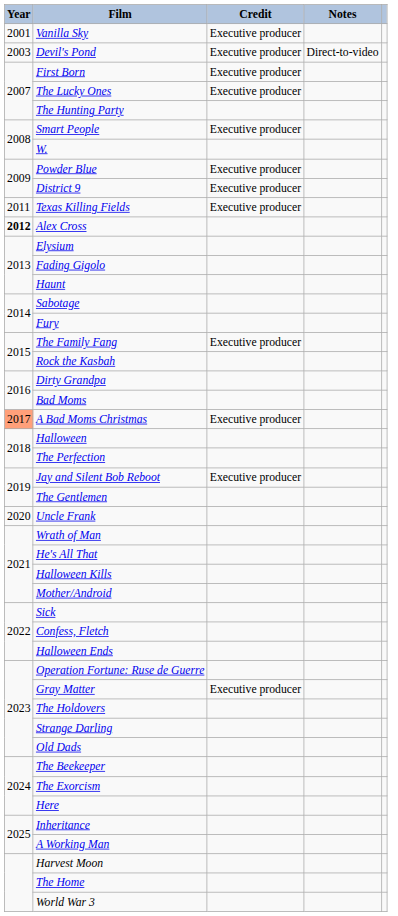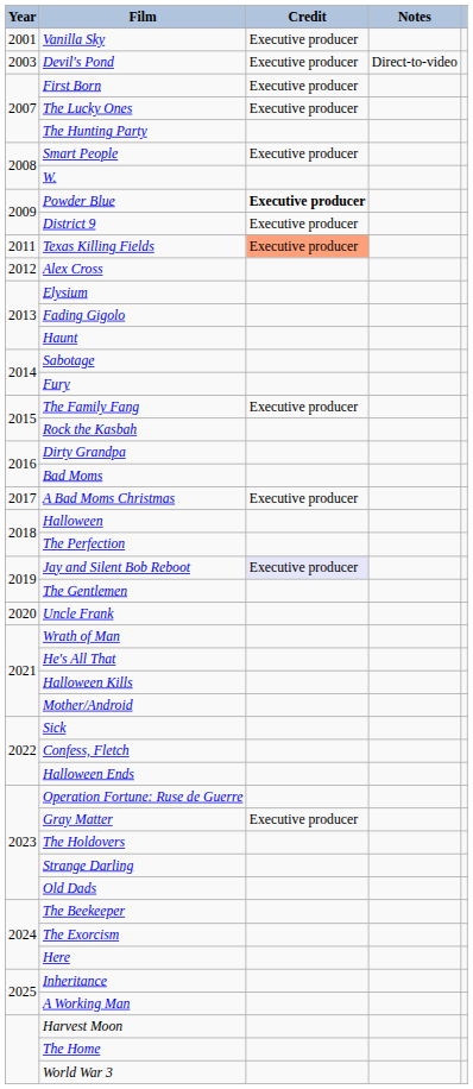 <table class="wikitable" style="font-size:95%;">
 <tr>
 <th style="background:#B0C4DE;">Year</th>
 <th style="background:#B0C4DE;">Film</th>
 <th style="background:#B0C4DE;">Credit</th>
 <th style="background:#B0C4DE;">Notes</th>
 <th style="background:#B0C4DE;"></th>
 </tr>
 <tr>
 <td>2001</td>
 <td><em><a href='#'>Vanilla Sky</a></em></td>
 <td>Executive producer</td>
 <td></td>
 <td></td>
 </tr>
 <tr>
 <td>2003</td>
 <td><em><a href='#'>Devil's Pond</a></em></td>
 <td>Executive producer</td>
 <td>Direct-to-video</td>
 <td></td>
 </tr>
 <tr>
 <td rowspan=3>2007</td>
 <td><em><a href='#'>First Born</a></em></td>
 <td>Executive producer</td>
 <td></td>
 <td></td>
 </tr>
 <tr>
 <td><em><a href='#'>The Lucky Ones</a></em></td>
 <td>Executive producer</td>
 <td></td>
 <td></td>
 </tr>
 <tr>
 <td><em><a href='#'>The Hunting Party</a></em></td>
 <td></td>
 <td></td>
 <td></td>
 </tr>
 <tr>
 <td rowspan=2>2008</td>
 <td><em><a href='#'>Smart People</a></em></td>
 <td>Executive producer</td>
 <td></td>
 <td></td>
 </tr>
 <tr>
 <td><em><a href='#'>W.</a></em></td>
 <td></td>
 <td></td>
 <td></td>
 </tr>
 <tr>
 <td rowspan=2>2009</td>
 <td><em><a href='#'>Powder Blue</a></em></td>
-<td>Executive producer</td>
+<td><strong>Executive producer</strong></td>
 <td></td>
 <td></td>
 </tr>
 <tr>
 <td><em><a href='#'>District 9</a></em></td>
 <td>Executive producer</td>
 <td></td>
 <td></td>
 </tr>
 <tr>
 <td>2011</td>
 <td><em><a href='#'>Texas Killing Fields</a></em></td>
-<td>Executive producer</td>
+<td style="background: lightsalmon;">Executive producer</td>
 <td></td>
 <td></td>
 </tr>
 <tr>
-<td><strong>2012</strong></td>
+<td>2012</td>
 <td><em><a href='#'>Alex Cross</a></em></td>
 <td></td>
 <td></td>
 <td></td>
 </tr>
 <tr>
 <td rowspan=3>2013</td>
 <td><em><a href='#'>Elysium</a></em></td>
 <td></td>
 <td></td>
 <td></td>
 </tr>
 <tr>
 <td><em><a href='#'>Fading Gigolo</a></em></td>
 <td></td>
 <td></td>
 <td></td>
 </tr>
 <tr>
 <td><em><a href='#'>Haunt</a></em></td>
 <td></td>
 <td></td>
 <td></td>
 </tr>
 <tr>
 <td rowspan=2>2014</td>
 <td><em><a href='#'>Sabotage</a></em></td>
 <td></td>
 <td></td>
 <td></td>
 </tr>
 <tr>
 <td><em><a href='#'>Fury</a></em></td>
 <td></td>
 <td></td>
 <td></td>
 </tr>
 <tr>
 <td rowspan=2>2015</td>
 <td><em><a href='#'>The Family Fang</a></em></td>
 <td>Executive producer</td>
 <td></td>
 <td></td>
 </tr>
 <tr>
 <td><em><a href='#'>Rock the Kasbah</a></em></td>
 <td></td>
 <td></td>
 <td></td>
 </tr>
 <tr>
 <td rowspan=2>2016</td>
 <td><em><a href='#'>Dirty Grandpa</a></em></td>
 <td></td>
 <td></td>
 <td></td>
 </tr>
 <tr>
 <td><em><a href='#'>Bad Moms</a></em></td>
 <td></td>
 <td></td>
 <td></td>
 </tr>
 <tr>
-<td style="background: lightsalmon;">2017</td>
+<td>2017</td>
 <td><em><a href='#'>A Bad Moms Christmas</a></em></td>
 <td>Executive producer</td>
 <td></td>
 <td></td>
 </tr>
 <tr>
 <td rowspan=2>2018</td>
 <td><em><a href='#'>Halloween</a></em></td>
 <td></td>
 <td></td>
 <td></td>
 </tr>
 <tr>
 <td><em><a href='#'>The Perfection</a></em></td>
 <td></td>
 <td></td>
 <td></td>
 </tr>
 <tr>
 <td rowspan=2>2019</td>
 <td><em><a href='#'>Jay and Silent Bob Reboot</a></em></td>
-<td>Executive producer</td>
+<td style="background: lavender;">Executive producer</td>
 <td></td>
 <td></td>
 </tr>
 <tr>
 <td><em><a href='#'>The Gentlemen</a></em></td>
 <td></td>
 <td></td>
 <td></td>
 </tr>
 <tr>
 <td>2020</td>
 <td><em><a href='#'>Uncle Frank</a></em></td>
 <td></td>
 <td></td>
 <td></td>
 </tr>
 <tr>
 <td rowspan=4>2021</td>
 <td><em><a href='#'>Wrath of Man</a></em></td>
 <td></td>
 <td></td>
 <td></td>
 </tr>
 <tr>
 <td><em><a href='#'>He's All That</a></em></td>
 <td></td>
 <td></td>
 <td></td>
 </tr>
 <tr>
 <td><em><a href='#'>Halloween Kills</a></em></td>
 <td></td>
 <td></td>
 <td></td>
 </tr>
 <tr>
 <td><em><a href='#'>Mother/Android</a></em></td>
 <td></td>
 <td></td>
 <td></td>
 </tr>
 <tr>
 <td rowspan=3>2022</td>
 <td><em><a href='#'>Sick</a></em></td>
 <td></td>
 <td></td>
 <td></td>
 </tr>
 <tr>
 <td><em><a href='#'>Confess, Fletch</a></em></td>
 <td></td>
 <td></td>
 <td></td>
 </tr>
 <tr>
 <td><em><a href='#'>Halloween Ends</a></em></td>
 <td></td>
 <td></td>
 <td></td>
 </tr>
 <tr>
 <td rowspan=5>2023</td>
 <td><em><a href='#'>Operation Fortune: Ruse de Guerre</a></em></td>
 <td></td>
 <td></td>
 <td></td>
 </tr>
 <tr>
 <td><em><a href='#'>Gray Matter</a></em></td>
 <td>Executive producer</td>
 <td></td>
 <td></td>
 </tr>
 <tr>
 <td><em><a href='#'>The Holdovers</a></em></td>
 <td></td>
 <td></td>
 <td></td>
 </tr>
 <tr>
 <td><em><a href='#'>Strange Darling</a></em></td>
 <td></td>
 <td></td>
 <td></td>
 </tr>
 <tr>
 <td><em><a href='#'>Old Dads</a></em></td>
 <td></td>
 <td></td>
 <td></td>
 </tr>
 <tr>
 <td rowspan=3>2024</td>
 <td><em><a href='#'>The Beekeeper</a></em></td>
 <td></td>
 <td></td>
 <td></td>
 </tr>
 <tr>
 <td><em><a href='#'>The Exorcism</a></em></td>
 <td></td>
 <td></td>
 <td></td>
 </tr>
 <tr>
 <td><em><a href='#'>Here</a></em></td>
 <td></td>
 <td></td>
 <td></td>
 </tr>
 <tr>
 <td rowspan=2>2025</td>
 <td><em><a href='#'>Inheritance</a></em></td>
 <td></td>
 <td></td>
 <td></td>
 </tr>
 <tr>
 <td><em><a href='#'>A Working Man</a></em></td>
 <td></td>
 <td></td>
 <td></td>
 </tr>
 <tr>
 <td rowspan=3></td>
 <td><em>Harvest Moon</em></td>
 <td></td>
 <td></td>
 <td></td>
 </tr>
 <tr>
 <td><em><a href='#'>The Home</a></em></td>
 <td></td>
 <td></td>
 <td></td>
 </tr>
 <tr>
 <td><em>World War 3</em></td>
 <td></td>
 <td></td>
 <td></td>
 </tr>
 </table>
